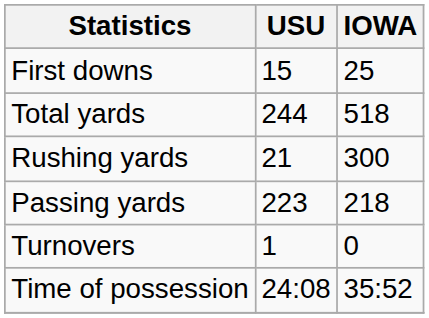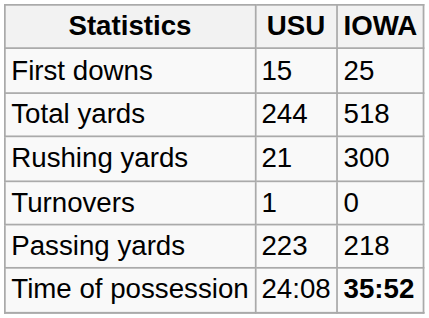 <table class="wikitable">
 <tr>
 <th>Statistics</th>
 <th>USU</th>
 <th>IOWA</th>
 </tr>
 <tr>
 <td>First downs</td>
 <td>15</td>
 <td>25</td>
 </tr>
 <tr>
 <td>Total yards</td>
 <td>244</td>
 <td>518</td>
 </tr>
 <tr>
 <td>Rushing yards</td>
 <td>21</td>
 <td>300</td>
 </tr>
 <tr>
+<td>Turnovers</td>
+<td>1</td>
+<td>0</td>
+</tr>
+<tr>
 <td>Passing yards</td>
 <td>223</td>
 <td>218</td>
 </tr>
 <tr>
-<td>Turnovers</td>
-<td>1</td>
-<td>0</td>
-</tr>
-<tr>
 <td>Time of possession</td>
 <td>24:08</td>
-<td>35:52</td>
+<td><strong>35:52</strong></td>
 </tr>
 <tr>
 </tr>
 </table>
